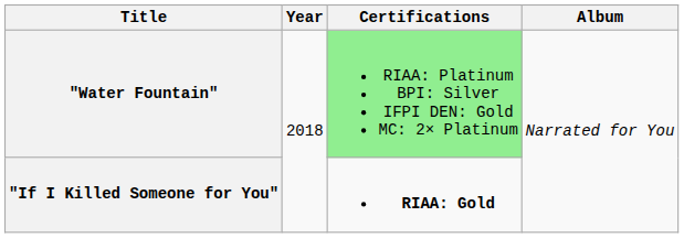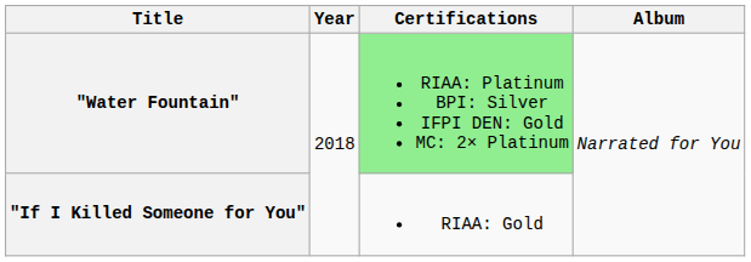 <table class="wikitable plainrowheaders" style="text-align:center">
 <tr>
 <th>Title</th>
 <th>Year</th>
 <th>Certifications</th>
 <th>Album</th>
 </tr>
 <tr>
 <th scope="row">"Water Fountain"</th>
 <td rowspan="2">2018</td>
 <td style="background: lightgreen;"><br><ul><li>RIAA: Platinum</li><li>BPI: Silver</li><li>IFPI DEN: Gold</li><li>MC: 2× Platinum</li></ul></td>
 <td rowspan="2"><em>Narrated for You</em></td>
 </tr>
 <tr>
 <th scope="row">"If I Killed Someone for You"</th>
-<td><strong><br><ul><li>RIAA: Gold</li></ul></strong></td>
+<td><br><ul><li>RIAA: Gold</li></ul></td>
 </tr>
 </table>
